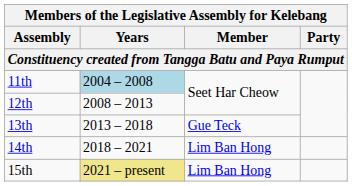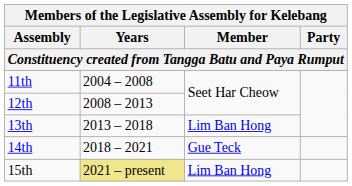 <table class=wikitable>
 <tr>
 <th colspan=4>Members of the Legislative Assembly for Kelebang</th>
 </tr>
 <tr>
 <th>Assembly</th>
 <th>Years</th>
 <th>Member</th>
 <th>Party</th>
 </tr>
 <tr>
 <th colspan=4 align=center><em>Constituency created from Tangga Batu and Paya Rumput</em></th>
 </tr>
 <tr>
 <td><a href='#'>11th</a></td>
-<td style="background: lightblue;">2004 – 2008</td>
+<td>2004 – 2008</td>
 <td rowspan="2">Seet Har Cheow</td>
 <td rowspan="3"></td>
 </tr>
 <tr>
 <td><a href='#'>12th</a></td>
 <td>2008 – 2013</td>
 </tr>
 <tr>
 <td><a href='#'>13th</a></td>
 <td>2013 – 2018</td>
-<td><a href='#'>Gue Teck</a></td>
+<td><a href='#'>Lim Ban Hong</a></td>
 </tr>
 <tr>
 <td><a href='#'>14th</a></td>
 <td>2018 – 2021</td>
-<td><a href='#'>Lim Ban Hong</a></td>
+<td><a href='#'>Gue Teck</a></td>
 <td></td>
 </tr>
 <tr>
 <td>15th</td>
 <td style="background: khaki;">2021 – present</td>
 <td><a href='#'>Lim Ban Hong</a></td>
 <td></td>
 </tr>
 </table>
